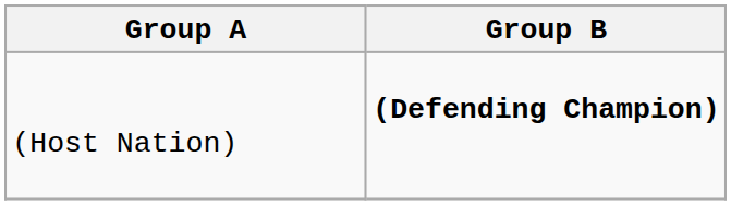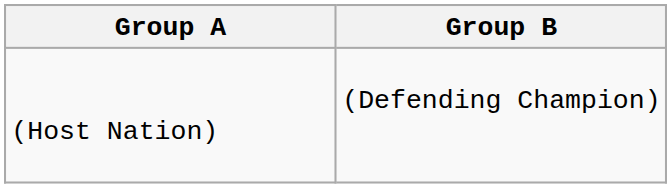 <table class="wikitable">
 <tr>
 <th width=50%>Group A</th>
 <th width=50%>Group B</th>
 </tr>
 <tr>
 <td valign=top><br><br>  (Host Nation) <br> <br> </td>
-<td valign=top><strong><br> (Defending Champion)<br> <br> <br> </strong></td>
+<td valign=top><br> (Defending Champion)<br> <br> <br> </td>
 </tr>
 </table>
